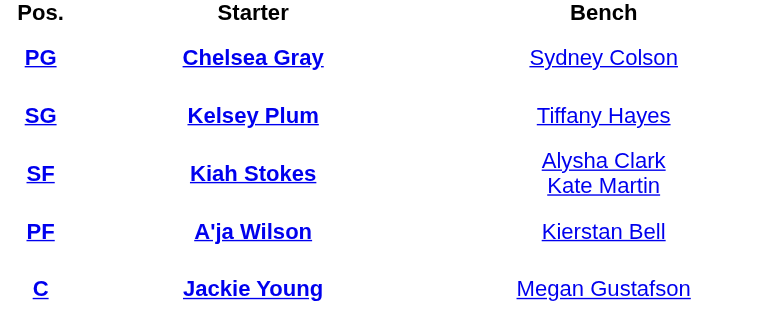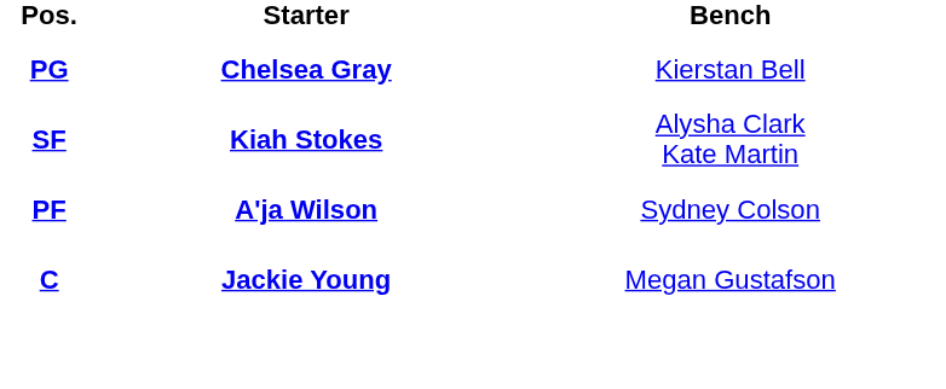 <table style="text-align:center; ">
 <tr>
 <th width="50">Pos.</th>
 <th width="250">Starter</th>
 <th width="250">Bench</th>
 </tr>
 <tr style="height:40px; background:white; color:#092C57">
 <th><a href='#'><span>PG</span></a></th>
 <td><strong><a href='#'>Chelsea Gray</a></strong></td>
-<td><a href='#'>Sydney Colson</a><br></td>
-</tr>
-<tr style="height:40px; background:white; color:#092C57">
-<th><a href='#'><span>SG</span></a></th>
-<td><strong><a href='#'>Kelsey Plum</a></strong></td>
-<td><a href='#'>Tiffany Hayes</a></td>
+<td><a href='#'>Kierstan Bell</a></td>
 </tr>
 <tr style="height:40px; background:white; color:#092C57">
 <th><a href='#'><span>SF</span></a></th>
 <td><strong><a href='#'>Kiah Stokes</a></strong></td>
 <td><a href='#'>Alysha Clark</a><br><a href='#'>Kate Martin</a></td>
 </tr>
 <tr style="height:40px; background:white; color:#092C57">
 <th><a href='#'><span>PF</span></a></th>
 <td><strong><a href='#'>A'ja Wilson</a></strong></td>
-<td><a href='#'>Kierstan Bell</a></td>
+<td><a href='#'>Sydney Colson</a><br></td>
 </tr>
 <tr style="height:40px; background:white; color:#092C57">
 <th><a href='#'><span>C</span></a></th>
 <td><strong><a href='#'>Jackie Young</a></strong></td>
 <td><a href='#'>Megan Gustafson</a></td>
 </tr>
 </table>
